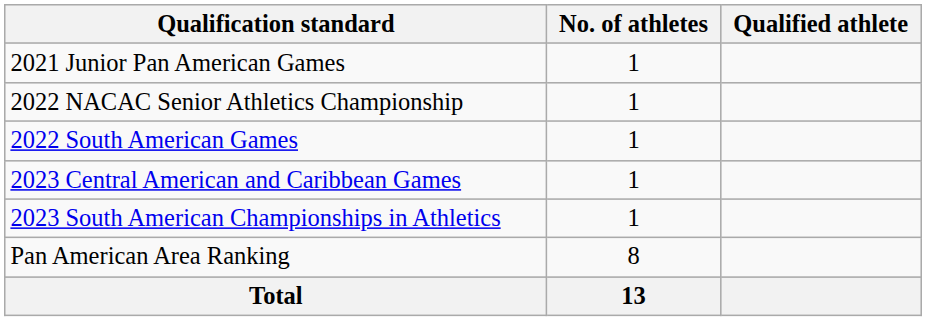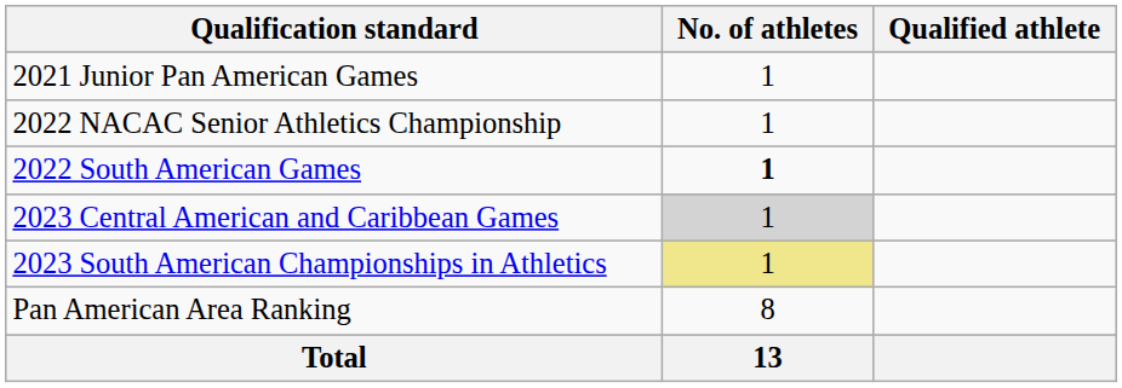 <table class="wikitable" style="text-align:left; width:600px;">
 <tr>
 <th>Qualification standard</th>
 <th>No. of athletes</th>
 <th>Qualified athlete</th>
 </tr>
 <tr>
 <td>2021 Junior Pan American Games</td>
 <td align=center>1</td>
 <td></td>
 </tr>
 <tr>
 <td>2022 NACAC Senior Athletics Championship</td>
 <td align=center>1</td>
 <td></td>
 </tr>
 <tr>
 <td><a href='#'>2022 South American Games</a></td>
-<td align=center>1</td>
+<td align=center><strong>1</strong></td>
 <td></td>
 </tr>
 <tr>
 <td><a href='#'>2023 Central American and Caribbean Games</a></td>
-<td align=center>1</td>
+<td align=center style="background: lightgrey;">1</td>
 <td></td>
 </tr>
 <tr>
 <td><a href='#'>2023 South American Championships in Athletics</a></td>
-<td align=center>1</td>
+<td align=center style="background: khaki;">1</td>
 <td></td>
 </tr>
 <tr>
 <td>Pan American Area Ranking</td>
 <td align=center>8</td>
 <td></td>
 </tr>
 <tr>
 <th>Total</th>
 <th>13</th>
 <th colspan=2></th>
 </tr>
 </table>
